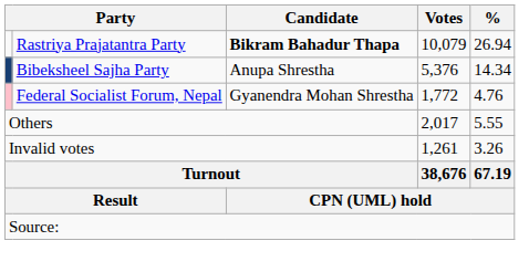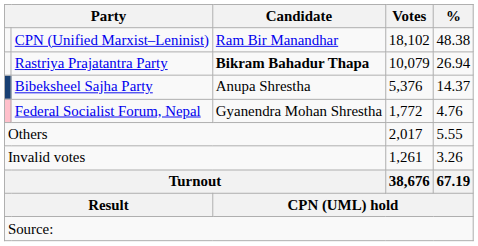 <table class="wikitable">
 <tr>
 <th colspan="2">Party</th>
 <th>Candidate</th>
 <th>Votes</th>
 <th>%</th>
+</tr>
+<tr>
+<td style="background-color:"></td>
+<td><a href='#'>CPN (Unified Marxist–Leninist)</a></td>
+<td><a href='#'>Ram Bir Manandhar</a></td>
+<td>18,102</td>
+<td>48.38</td>
 </tr>
 <tr>
 <td style="background-color:"></td>
 <td><a href='#'>Rastriya Prajatantra Party</a></td>
 <td><strong>Bikram Bahadur Thapa</strong></td>
 <td>10,079</td>
 <td>26.94</td>
 </tr>
 <tr>
 <td style="background-color:#183F73"></td>
 <td><a href='#'>Bibeksheel Sajha Party</a></td>
 <td>Anupa Shrestha</td>
 <td>5,376</td>
-<td>14.34</td>
+<td>14.37</td>
 </tr>
 <tr>
 <td style="background-color:#ffc0cb"></td>
 <td><a href='#'>Federal Socialist Forum, Nepal</a></td>
 <td>Gyanendra Mohan Shrestha</td>
 <td>1,772</td>
 <td>4.76</td>
 </tr>
 <tr>
 <td colspan="3">Others</td>
 <td>2,017</td>
 <td>5.55</td>
 </tr>
 <tr>
 <td colspan="3">Invalid votes</td>
 <td>1,261</td>
 <td>3.26</td>
 </tr>
 <tr>
 <th colspan="3">Turnout</th>
 <th>38,676</th>
 <th>67.19</th>
 </tr>
 <tr>
 <th colspan="2">Result</th>
 <th colspan="3">CPN (UML) hold</th>
 </tr>
 <tr>
 <td colspan="5">Source: </td>
 </tr>
 </table>
